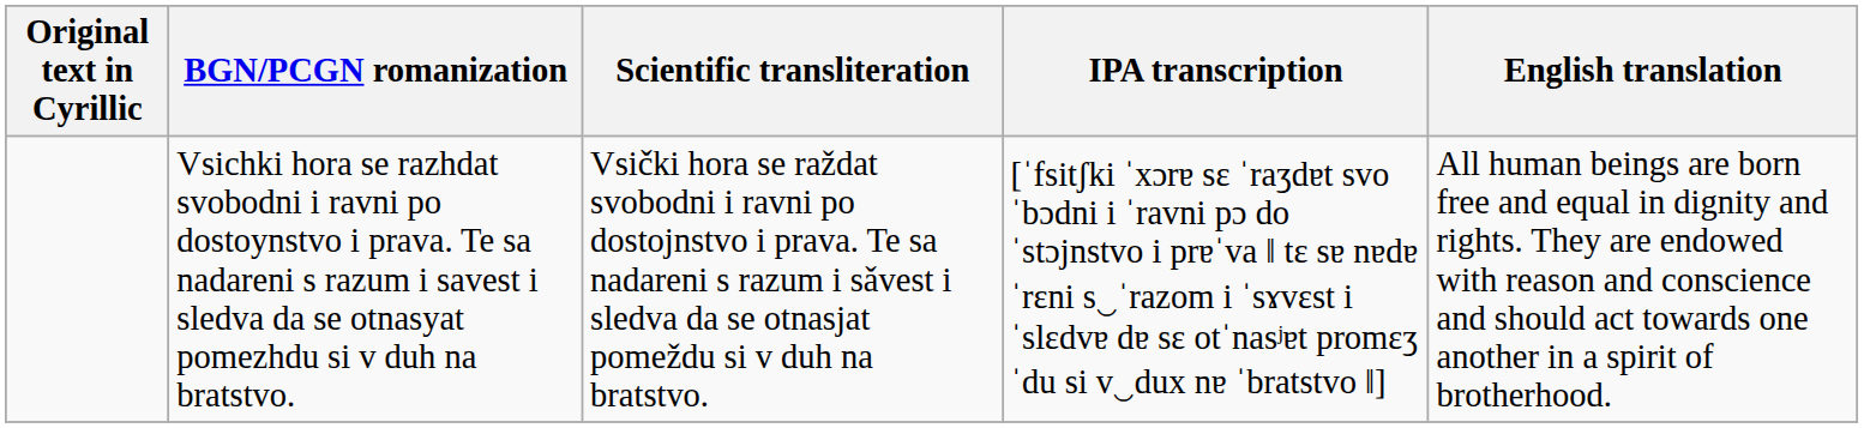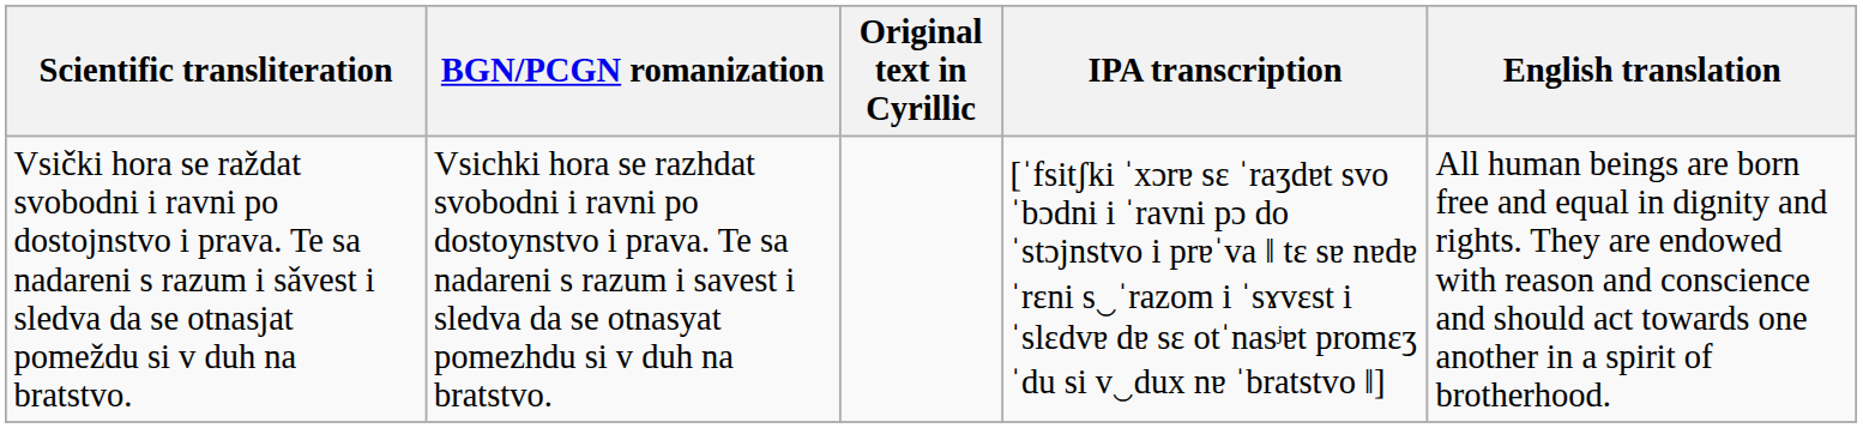 <table class="wikitable">
 <tr>
+<th>Scientific transliteration</th>
+<th><a href='#'>BGN/PCGN</a> romanization</th>
 <th>Original text in Cyrillic</th>
-<th><a href='#'>BGN/PCGN</a> romanization</th>
-<th>Scientific transliteration</th>
 <th>IPA transcription</th>
 <th>English translation</th>
 </tr>
 <tr>
+<td>Vsički hora se raždat svobodni i ravni po dostojnstvo i prava. Te sa nadareni s razum i sǎvest i sledva da se otnasjat pomeždu si v duh na bratstvo.</td>
+<td>Vsichki hora se razhdat svobodni i ravni po dostoynstvo i prava. Te sa nadareni s razum i savest i sledva da se otnasyat pomezhdu si v duh na bratstvo.</td>
 <td></td>
-<td>Vsichki hora se razhdat svobodni i ravni po dostoynstvo i prava. Te sa nadareni s razum i savest i sledva da se otnasyat pomezhdu si v duh na bratstvo.</td>
-<td>Vsički hora se raždat svobodni i ravni po dostojnstvo i prava. Te sa nadareni s razum i sǎvest i sledva da se otnasjat pomeždu si v duh na bratstvo.</td>
 <td>[ˈfsitʃki ˈxɔrɐ sɛ ˈraʒdɐt svоˈbɔdni i ˈravni pɔ doˈstɔjnstvo i prɐˈva ‖ tɛ sɐ nɐdɐˈrɛni s‿ˈrazom i ˈsɤvɛst i ˈslɛdvɐ dɐ sɛ otˈnasʲɐt promɛʒˈdu si v‿dux nɐ ˈbratstvo ‖]</td>
 <td>All human beings are born free and equal in dignity and rights. They are endowed with reason and conscience and should act towards one another in a spirit of brotherhood.</td>
 </tr>
 </table>
